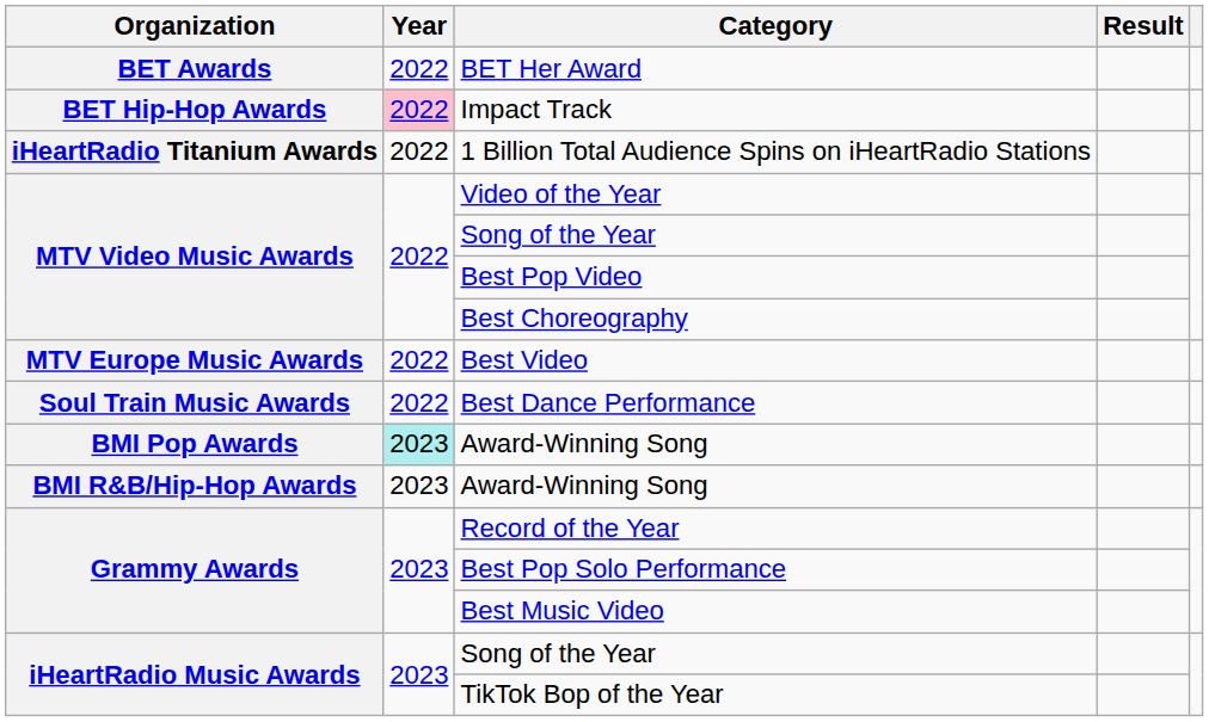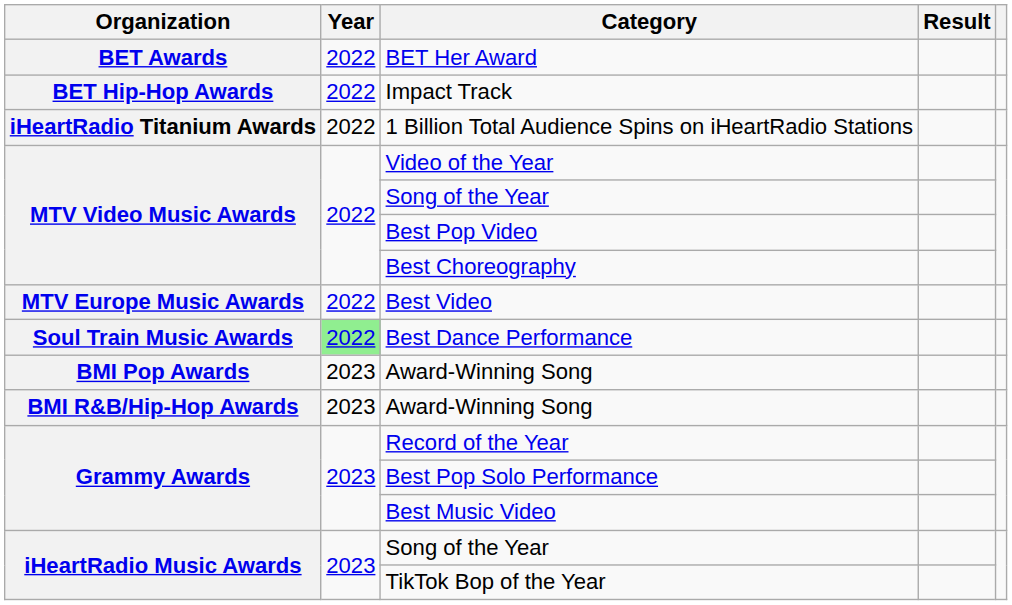 <table class="wikitable sortable plainrowheaders" style="border:none; margin:0;">
 <tr>
 <th scope="col">Organization</th>
 <th scope="col">Year</th>
 <th scope="col">Category</th>
 <th scope="col">Result</th>
 <th class="unsortable" scope="col"></th>
 </tr>
 <tr>
 <th scope="row"><a href='#'>BET Awards</a></th>
 <td><a href='#'>2022</a></td>
 <td><a href='#'>BET Her Award</a></td>
 <td></td>
 <td></td>
 </tr>
 <tr>
 <th scope="row"><a href='#'>BET Hip-Hop Awards</a></th>
-<td style="background: pink;"><a href='#'>2022</a></td>
+<td><a href='#'>2022</a></td>
 <td>Impact Track</td>
 <td></td>
 <td></td>
 </tr>
 <tr>
 <th scope="row"><a href='#'>iHeartRadio</a> Titanium Awards</th>
 <td>2022</td>
 <td>1 Billion Total Audience Spins on iHeartRadio Stations</td>
 <td></td>
 <td></td>
 </tr>
 <tr>
 <th rowspan="4" scope="row"><a href='#'>MTV Video Music Awards</a></th>
 <td rowspan="4"><a href='#'>2022</a></td>
 <td><a href='#'>Video of the Year</a></td>
 <td></td>
 <td rowspan="4"></td>
 </tr>
 <tr>
 <td><a href='#'>Song of the Year</a></td>
 <td></td>
 </tr>
 <tr>
 <td><a href='#'>Best Pop Video</a></td>
 <td></td>
 </tr>
 <tr>
 <td><a href='#'>Best Choreography</a></td>
 <td></td>
 </tr>
 <tr>
 <th scope="row"><a href='#'>MTV Europe Music Awards</a></th>
 <td><a href='#'>2022</a></td>
 <td><a href='#'>Best Video</a></td>
 <td></td>
 <td></td>
 </tr>
 <tr>
 <th scope="row"><a href='#'>Soul Train Music Awards</a></th>
-<td><a href='#'>2022</a></td>
+<td style="background: lightgreen;"><a href='#'>2022</a></td>
 <td><a href='#'>Best Dance Performance</a></td>
 <td></td>
 <td></td>
 </tr>
 <tr>
 <th scope="row"><a href='#'>BMI Pop Awards</a></th>
-<td style="background: paleturquoise;">2023</td>
+<td>2023</td>
 <td>Award-Winning Song</td>
 <td></td>
 <td></td>
 </tr>
 <tr>
 <th scope="row"><a href='#'>BMI R&B/Hip-Hop Awards</a></th>
 <td>2023</td>
 <td>Award-Winning Song</td>
 <td></td>
 <td></td>
 </tr>
 <tr>
 <th rowspan="3" scope="row"><a href='#'>Grammy Awards</a></th>
 <td rowspan="3"><a href='#'>2023</a></td>
 <td><a href='#'>Record of the Year</a></td>
 <td></td>
 <td rowspan="3"></td>
 </tr>
 <tr>
 <td><a href='#'>Best Pop Solo Performance</a></td>
 <td></td>
 </tr>
 <tr>
 <td><a href='#'>Best Music Video</a></td>
 <td></td>
 </tr>
 <tr>
 <th rowspan="2" scope="row"><a href='#'>iHeartRadio Music Awards</a></th>
 <td rowspan="2"><a href='#'>2023</a></td>
 <td>Song of the Year</td>
 <td></td>
 <td rowspan="2"></td>
 </tr>
 <tr>
 <td>TikTok Bop of the Year</td>
 <td></td>
 </tr>
 <tr>
 </tr>
 </table>
